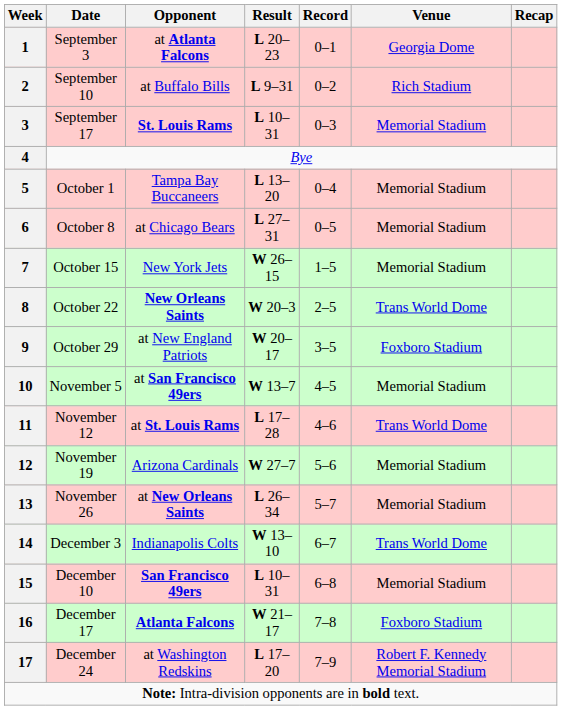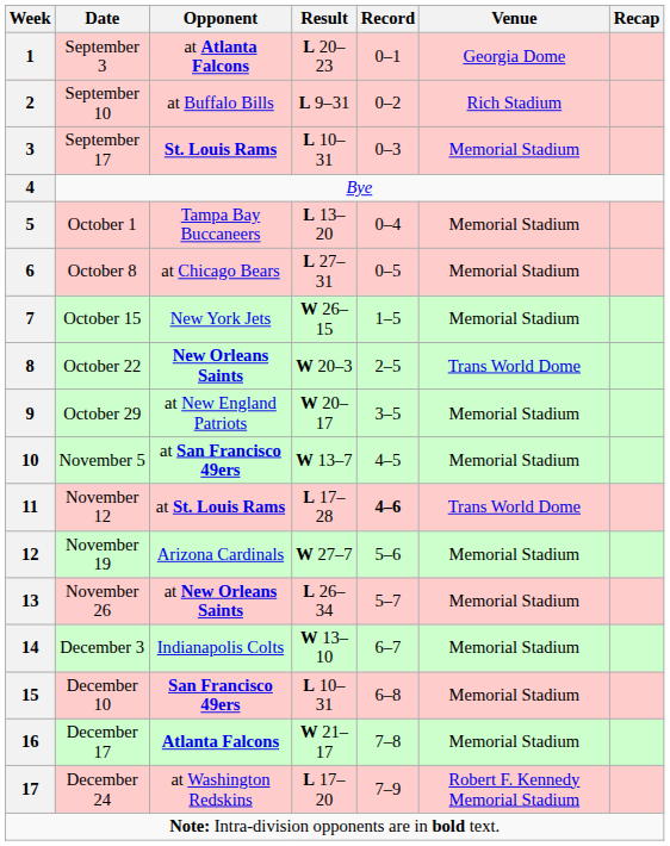 <table class="wikitable" style="text-align:center">
 <tr>
 <th>Week</th>
 <th>Date</th>
 <th>Opponent</th>
 <th>Result</th>
 <th>Record</th>
 <th>Venue</th>
 <th>Recap</th>
 </tr>
 <tr style="background:#fcc">
 <th>1</th>
 <td>September 3</td>
 <td>at <strong><a href='#'>Atlanta Falcons</a></strong></td>
 <td><strong>L</strong> 20–23 </td>
 <td>0–1</td>
 <td><a href='#'>Georgia Dome</a></td>
 <td></td>
 </tr>
 <tr style="background:#fcc">
 <th>2</th>
 <td>September 10</td>
 <td>at <a href='#'>Buffalo Bills</a></td>
 <td><strong>L</strong> 9–31</td>
 <td>0–2</td>
 <td><a href='#'>Rich Stadium</a></td>
 <td></td>
 </tr>
 <tr style="background:#fcc">
 <th>3</th>
 <td>September 17</td>
 <td><strong><a href='#'>St. Louis Rams</a></strong></td>
 <td><strong>L</strong> 10–31</td>
 <td>0–3</td>
 <td><a href='#'>Memorial Stadium</a></td>
 <td></td>
 </tr>
 <tr>
 <th>4</th>
 <td colspan="7"><em><a href='#'>Bye</a></em></td>
 </tr>
 <tr style="background:#fcc">
 <th>5</th>
 <td>October 1</td>
 <td><a href='#'>Tampa Bay Buccaneers</a></td>
 <td><strong>L</strong> 13–20</td>
 <td>0–4</td>
 <td>Memorial Stadium</td>
 <td></td>
 </tr>
 <tr style="background:#fcc">
 <th>6</th>
 <td>October 8</td>
 <td>at <a href='#'>Chicago Bears</a></td>
 <td><strong>L</strong> 27–31</td>
 <td>0–5</td>
 <td>Memorial Stadium</td>
 <td></td>
 </tr>
 <tr style="background:#cfc">
 <th>7</th>
 <td>October 15</td>
 <td><a href='#'>New York Jets</a></td>
 <td><strong>W</strong> 26–15</td>
 <td>1–5</td>
 <td>Memorial Stadium</td>
 <td></td>
 </tr>
 <tr style="background:#cfc">
 <th>8</th>
 <td>October 22</td>
 <td><strong><a href='#'>New Orleans Saints</a></strong></td>
 <td><strong>W</strong> 20–3</td>
 <td>2–5</td>
 <td><a href='#'>Trans World Dome</a></td>
 <td></td>
 </tr>
 <tr style="background:#cfc">
 <th>9</th>
 <td>October 29</td>
 <td>at <a href='#'>New England Patriots</a></td>
 <td><strong>W</strong> 20–17 </td>
 <td>3–5</td>
-<td><a href='#'>Foxboro Stadium</a></td>
+<td>Memorial Stadium</td>
 <td></td>
 </tr>
 <tr style="background:#cfc">
 <th>10</th>
 <td>November 5</td>
 <td>at <strong><a href='#'>San Francisco 49ers</a></strong></td>
 <td><strong>W</strong> 13–7</td>
 <td>4–5</td>
 <td>Memorial Stadium</td>
 <td></td>
 </tr>
 <tr style="background:#fcc">
 <th>11</th>
 <td>November 12</td>
 <td>at <strong><a href='#'>St. Louis Rams</a></strong></td>
 <td><strong>L</strong> 17–28</td>
-<td>4–6</td>
+<td><strong>4–6</strong></td>
 <td><a href='#'>Trans World Dome</a></td>
 <td></td>
 </tr>
 <tr style="background:#cfc">
 <th>12</th>
 <td>November 19</td>
 <td><a href='#'>Arizona Cardinals</a></td>
 <td><strong>W</strong> 27–7</td>
 <td>5–6</td>
 <td>Memorial Stadium</td>
 <td></td>
 </tr>
 <tr style="background:#fcc">
 <th>13</th>
 <td>November 26</td>
 <td>at <strong><a href='#'>New Orleans Saints</a></strong></td>
 <td><strong>L</strong> 26–34</td>
 <td>5–7</td>
 <td>Memorial Stadium</td>
 <td></td>
 </tr>
 <tr style="background:#cfc">
 <th>14</th>
 <td>December 3</td>
 <td><a href='#'>Indianapolis Colts</a></td>
 <td><strong>W</strong> 13–10</td>
 <td>6–7</td>
-<td><a href='#'>Trans World Dome</a></td>
+<td>Memorial Stadium</td>
 <td></td>
 </tr>
 <tr style="background:#fcc">
 <th>15</th>
 <td>December 10</td>
 <td><strong><a href='#'>San Francisco 49ers</a></strong></td>
 <td><strong>L</strong> 10–31</td>
 <td>6–8</td>
 <td>Memorial Stadium</td>
 <td></td>
 </tr>
 <tr style="background:#cfc">
 <th>16</th>
 <td>December 17</td>
 <td><strong><a href='#'>Atlanta Falcons</a></strong></td>
 <td><strong>W</strong> 21–17</td>
 <td>7–8</td>
-<td><a href='#'>Foxboro Stadium</a></td>
+<td>Memorial Stadium</td>
 <td></td>
 </tr>
 <tr style="background:#fcc">
 <th>17</th>
 <td>December 24</td>
 <td>at <a href='#'>Washington Redskins</a></td>
 <td><strong>L</strong> 17–20</td>
 <td>7–9</td>
 <td><a href='#'>Robert F. Kennedy Memorial Stadium</a></td>
 <td></td>
 </tr>
 <tr>
 <td colspan="7"><strong>Note:</strong> Intra-division opponents are in <strong>bold</strong> text.</td>
 </tr>
 </table>
